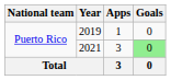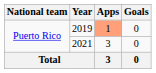 <table class="wikitable" style="text-align:center">
 <tr>
 <th>National team</th>
 <th>Year</th>
 <th>Apps</th>
 <th>Goals</th>
 </tr>
 <tr>
 <td rowspan="2"><a href='#'>Puerto Rico</a></td>
 <td>2019</td>
-<td>1</td>
+<td style="background: lightsalmon;">1</td>
 <td>0</td>
 </tr>
 <tr>
 <td>2021</td>
 <td>3</td>
-<td style="background: lightgreen;">0</td>
+<td>0</td>
 </tr>
 <tr>
 <th colspan=2>Total</th>
 <th>3</th>
 <th>0</th>
 </tr>
 </table>
